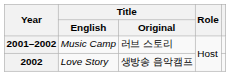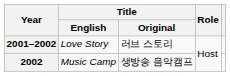 <table class="wikitable plainrowheaders sortable">
 <tr>
 <th rowspan="2">Year</th>
 <th colspan="2">Title</th>
 <th rowspan="2">Role</th>
 <th rowspan="2"></th>
 </tr>
 <tr>
 <th scope="col">English</th>
 <th scope="col">Original</th>
 </tr>
 <tr>
 <th scope="row">2001–2002</th>
-<td><em>Music Camp</em></td>
+<td><em>Love Story</em></td>
 <td>러브 스토리</td>
 <td rowspan="2">Host</td>
 <td></td>
 </tr>
 <tr>
 <th scope="row">2002</th>
-<td><em>Love Story</em></td>
+<td><em>Music Camp</em></td>
 <td>생방송 음악캠프</td>
 <td></td>
 </tr>
 </table>
